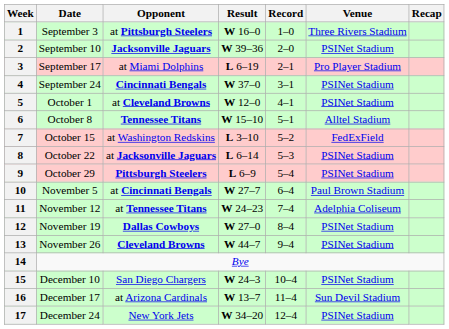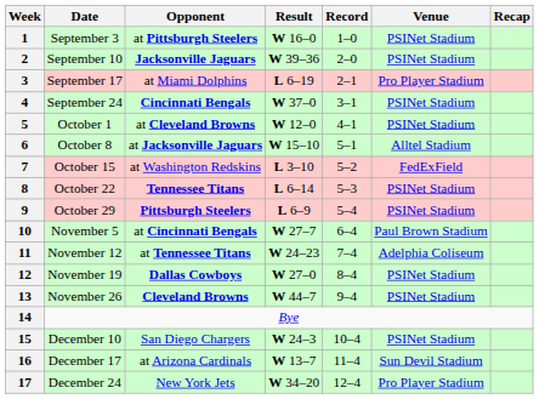 <table class="wikitable" style="text-align:center">
 <tr>
 <th>Week</th>
 <th>Date</th>
 <th>Opponent</th>
 <th>Result</th>
 <th>Record</th>
 <th>Venue</th>
 <th>Recap</th>
 </tr>
 <tr style="background:#cfc;">
 <th>1</th>
 <td>September 3</td>
 <td>at <strong><a href='#'>Pittsburgh Steelers</a></strong></td>
 <td><strong>W</strong> 16–0</td>
 <td>1–0</td>
-<td><a href='#'>Three Rivers Stadium</a></td>
+<td><a href='#'>PSINet Stadium</a></td>
 <td></td>
 </tr>
 <tr style="background:#cfc;">
 <th>2</th>
 <td>September 10</td>
 <td><strong><a href='#'>Jacksonville Jaguars</a></strong></td>
 <td><strong>W</strong> 39–36</td>
 <td>2–0</td>
 <td><a href='#'>PSINet Stadium</a></td>
 <td></td>
 </tr>
 <tr style="background:#fcc;">
 <th>3</th>
 <td>September 17</td>
 <td>at <a href='#'>Miami Dolphins</a></td>
 <td><strong>L</strong> 6–19</td>
 <td>2–1</td>
 <td><a href='#'>Pro Player Stadium</a></td>
 <td></td>
 </tr>
 <tr style="background:#cfc;">
 <th>4</th>
 <td>September 24</td>
 <td><strong><a href='#'>Cincinnati Bengals</a></strong></td>
 <td><strong>W</strong> 37–0</td>
 <td>3–1</td>
 <td><a href='#'>PSINet Stadium</a></td>
 <td></td>
 </tr>
 <tr style="background:#cfc;">
 <th>5</th>
 <td>October 1</td>
 <td>at <strong><a href='#'>Cleveland Browns</a></strong></td>
 <td><strong>W</strong> 12–0</td>
 <td>4–1</td>
 <td><a href='#'>PSINet Stadium</a></td>
 <td></td>
 </tr>
 <tr style="background:#cfc;">
 <th>6</th>
 <td>October 8</td>
-<td><strong><a href='#'>Tennessee Titans</a></strong></td>
+<td>at <strong><a href='#'>Jacksonville Jaguars</a></strong></td>
 <td><strong>W</strong> 15–10</td>
 <td>5–1</td>
 <td><a href='#'>Alltel Stadium</a></td>
 <td></td>
 </tr>
 <tr style="background:#fcc;">
 <th>7</th>
 <td>October 15</td>
 <td>at <a href='#'>Washington Redskins</a></td>
 <td><strong>L</strong> 3–10</td>
 <td>5–2</td>
 <td><a href='#'>FedExField</a></td>
 <td></td>
 </tr>
 <tr style="background:#fcc;">
 <th>8</th>
 <td>October 22</td>
-<td>at <strong><a href='#'>Jacksonville Jaguars</a></strong></td>
+<td><strong><a href='#'>Tennessee Titans</a></strong></td>
 <td><strong>L</strong> 6–14</td>
 <td>5–3</td>
 <td><a href='#'>PSINet Stadium</a></td>
 <td></td>
 </tr>
 <tr style="background:#fcc;">
 <th>9</th>
 <td>October 29</td>
 <td><strong><a href='#'>Pittsburgh Steelers</a></strong></td>
 <td><strong>L</strong> 6–9</td>
 <td>5–4</td>
 <td><a href='#'>PSINet Stadium</a></td>
 <td></td>
 </tr>
 <tr style="background:#cfc;">
 <th>10</th>
 <td>November 5</td>
 <td>at <strong><a href='#'>Cincinnati Bengals</a></strong></td>
 <td><strong>W</strong> 27–7</td>
 <td>6–4</td>
 <td><a href='#'>Paul Brown Stadium</a></td>
 <td></td>
 </tr>
 <tr style="background:#cfc;">
 <th>11</th>
 <td>November 12</td>
 <td>at <strong><a href='#'>Tennessee Titans</a></strong></td>
 <td><strong>W</strong> 24–23</td>
 <td>7–4</td>
 <td><a href='#'>Adelphia Coliseum</a></td>
 <td></td>
 </tr>
 <tr style="background:#cfc;">
 <th>12</th>
 <td>November 19</td>
 <td><strong><a href='#'>Dallas Cowboys</a></strong></td>
 <td><strong>W</strong> 27–0</td>
 <td>8–4</td>
 <td><a href='#'>PSINet Stadium</a></td>
 <td></td>
 </tr>
 <tr style="background:#cfc;">
 <th>13</th>
 <td>November 26</td>
 <td><strong><a href='#'>Cleveland Browns</a></strong></td>
 <td><strong>W</strong> 44–7</td>
 <td>9–4</td>
 <td><a href='#'>PSINet Stadium</a></td>
 <td></td>
 </tr>
 <tr>
 <th>14</th>
 <td colspan="6" style="text-align:center;"><em><a href='#'>Bye</a></em></td>
 </tr>
 <tr style="background:#cfc;">
 <th>15</th>
 <td>December 10</td>
 <td><a href='#'>San Diego Chargers</a></td>
 <td><strong>W</strong> 24–3</td>
 <td>10–4</td>
 <td><a href='#'>PSINet Stadium</a></td>
 <td></td>
 </tr>
 <tr style="background:#cfc;">
 <th>16</th>
 <td>December 17</td>
 <td>at <a href='#'>Arizona Cardinals</a></td>
 <td><strong>W</strong> 13–7</td>
 <td>11–4</td>
 <td><a href='#'>Sun Devil Stadium</a></td>
 <td></td>
 </tr>
 <tr style="background:#cfc;">
 <th>17</th>
 <td>December 24</td>
 <td><a href='#'>New York Jets</a></td>
 <td><strong>W</strong> 34–20</td>
 <td>12–4</td>
-<td><a href='#'>PSINet Stadium</a></td>
+<td><a href='#'>Pro Player Stadium</a></td>
 <td></td>
 </tr>
 </table>
